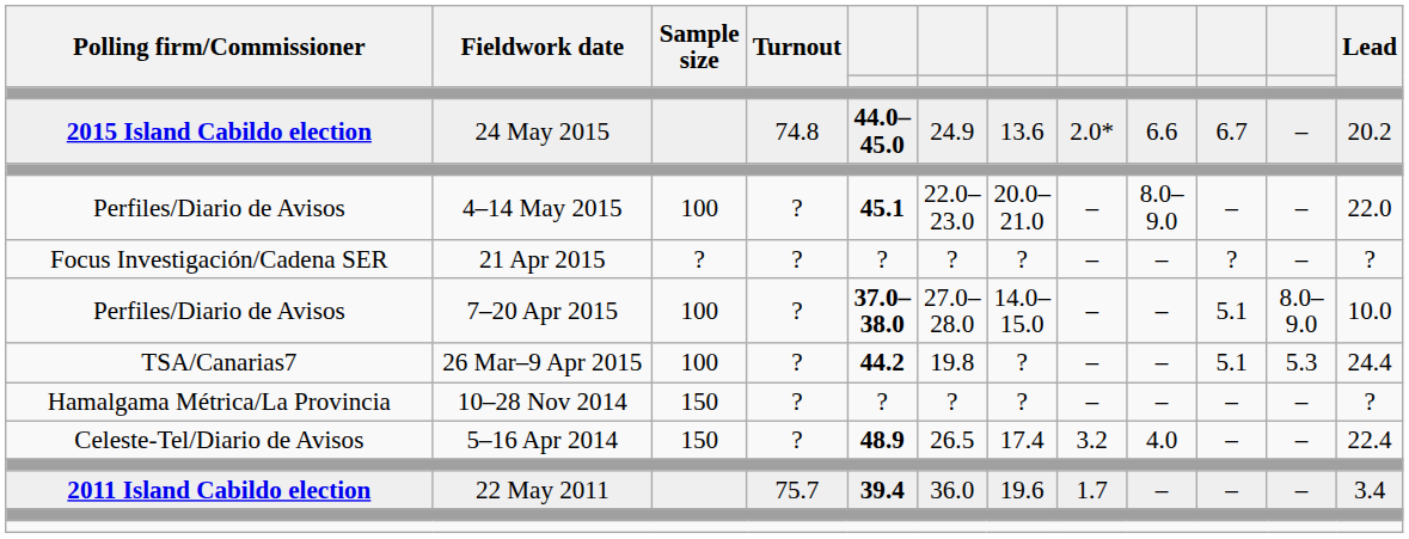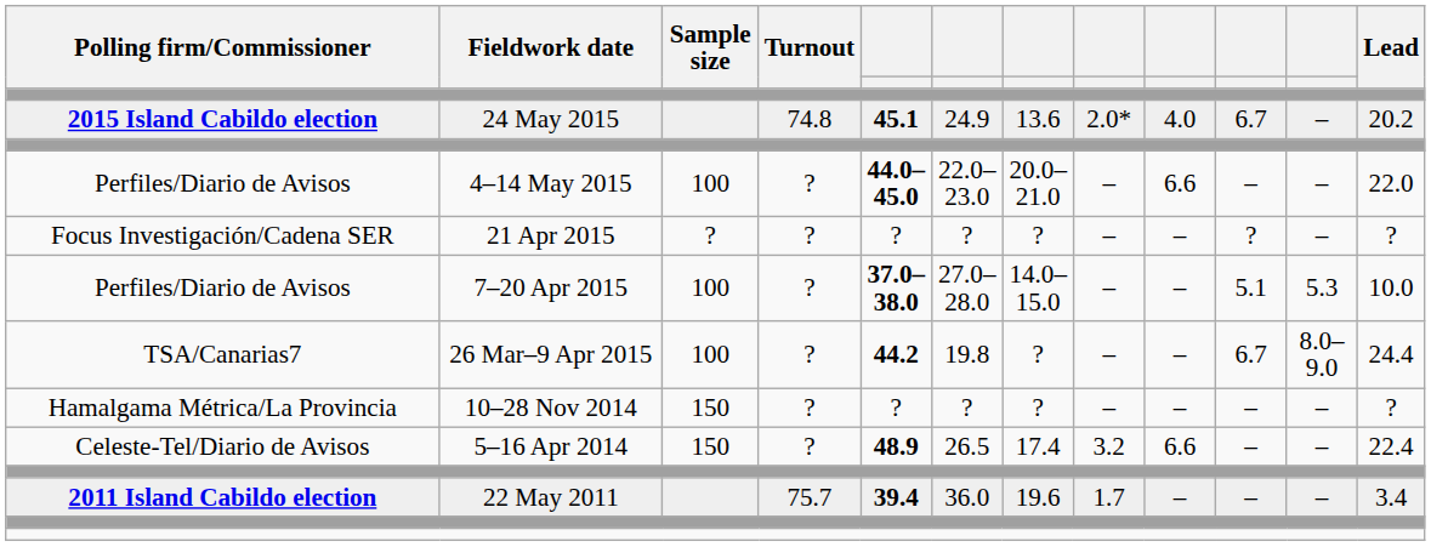 <table class="wikitable collapsible collapsed" style="text-align:center; font-size:95%; line-height:16px;">
 <tr style="height:42px;">
 <th style="width:250px;" rowspan="2">Polling firm/Commissioner</th>
 <th style="width:125px;" rowspan="2">Fieldwork date</th>
 <th style="width:50px;" rowspan="2">Sample size</th>
 <th style="width:45px;" rowspan="2">Turnout</th>
 <th style="width:35px;"></th>
 <th style="width:35px;"></th>
 <th style="width:35px;"></th>
 <th style="width:35px;"></th>
 <th style="width:35px;"></th>
 <th style="width:35px;"></th>
 <th style="width:35px;"></th>
 <th style="width:30px;" rowspan="2">Lead</th>
 </tr>
 <tr>
 <th style="color:inherit;background:"></th>
 <th style="color:inherit;background:"></th>
 <th style="color:inherit;background:"></th>
 <th style="color:inherit;background:"></th>
 <th style="color:inherit;background:"></th>
 <th style="color:inherit;background:"></th>
 <th style="color:inherit;background:"></th>
 </tr>
 <tr>
 <td colspan="12" style="background:#A0A0A0"></td>
 </tr>
 <tr style="background:#EFEFEF;">
 <td><strong><a href='#'>2015 Island Cabildo election</a></strong></td>
 <td>24 May 2015</td>
 <td></td>
 <td>74.8</td>
-<td><strong>44.0–<br>45.0</strong><br></td>
+<td><strong>45.1</strong><br></td>
 <td>24.9<br></td>
 <td>13.6<br></td>
 <td>2.0*<br></td>
-<td>6.6<br></td>
+<td>4.0<br></td>
 <td>6.7<br></td>
 <td>–</td>
 <td style="background:">20.2</td>
 </tr>
 <tr>
 <td colspan="12" style="background:#A0A0A0"></td>
 </tr>
 <tr>
 <td>Perfiles/Diario de Avisos</td>
 <td>4–14 May 2015</td>
 <td>100</td>
 <td>?</td>
-<td><strong>45.1</strong><br></td>
+<td><strong>44.0–<br>45.0</strong><br></td>
 <td>22.0–<br>23.0<br></td>
 <td>20.0–<br>21.0<br></td>
 <td>–</td>
-<td>8.0–<br>9.0<br></td>
+<td>6.6<br></td>
 <td>–</td>
 <td>–</td>
 <td style="background:">22.0</td>
 </tr>
 <tr>
 <td>Focus Investigación/Cadena SER</td>
 <td>21 Apr 2015</td>
 <td>?</td>
 <td>?</td>
 <td>?<br></td>
 <td>?<br></td>
 <td>?<br></td>
 <td>–</td>
 <td>–</td>
 <td>?<br></td>
 <td>–</td>
 <td style="background:">?</td>
 </tr>
 <tr>
 <td>Perfiles/Diario de Avisos</td>
 <td>7–20 Apr 2015</td>
 <td>100</td>
 <td>?</td>
 <td><strong>37.0–<br>38.0</strong><br></td>
 <td>27.0–<br>28.0<br></td>
 <td>14.0–<br>15.0<br></td>
 <td>–</td>
 <td>–</td>
 <td>5.1<br></td>
-<td>8.0–<br>9.0<br></td>
+<td>5.3<br></td>
 <td style="background:">10.0</td>
 </tr>
 <tr>
 <td>TSA/Canarias7</td>
 <td>26 Mar–9 Apr 2015</td>
 <td>100</td>
 <td>?</td>
 <td><strong>44.2</strong><br></td>
 <td>19.8<br></td>
 <td>?<br></td>
 <td>–</td>
 <td>–</td>
-<td>5.1<br></td>
-<td>5.3<br></td>
+<td>6.7<br></td>
+<td>8.0–<br>9.0<br></td>
 <td style="background:">24.4</td>
 </tr>
 <tr>
 <td>Hamalgama Métrica/La Provincia</td>
 <td>10–28 Nov 2014</td>
 <td>150</td>
 <td>?</td>
 <td>?<br></td>
 <td>?<br></td>
 <td>?<br></td>
 <td>–</td>
 <td>–</td>
 <td>–</td>
 <td>–</td>
 <td style="background:">?</td>
 </tr>
 <tr>
 <td>Celeste-Tel/Diario de Avisos</td>
 <td>5–16 Apr 2014</td>
 <td>150</td>
 <td>?</td>
 <td><strong>48.9</strong><br></td>
 <td>26.5<br></td>
 <td>17.4<br></td>
 <td>3.2<br></td>
-<td>4.0<br></td>
+<td>6.6<br></td>
 <td>–</td>
 <td>–</td>
 <td style="background:">22.4</td>
 </tr>
 <tr>
 <td colspan="12" style="background:#A0A0A0"></td>
 </tr>
 <tr style="background:#EFEFEF;">
 <td><strong><a href='#'>2011 Island Cabildo election</a></strong></td>
 <td>22 May 2011</td>
 <td></td>
 <td>75.7</td>
 <td><strong>39.4</strong><br></td>
 <td>36.0<br></td>
 <td>19.6<br></td>
 <td>1.7<br></td>
 <td>–</td>
 <td>–</td>
 <td>–</td>
 <td style="background:">3.4</td>
 </tr>
 <tr>
 <td colspan="12" style="background:#A0A0A0"></td>
 </tr>
 <tr>
 <td align="left" colspan="12"></td>
 </tr>
 </table>
